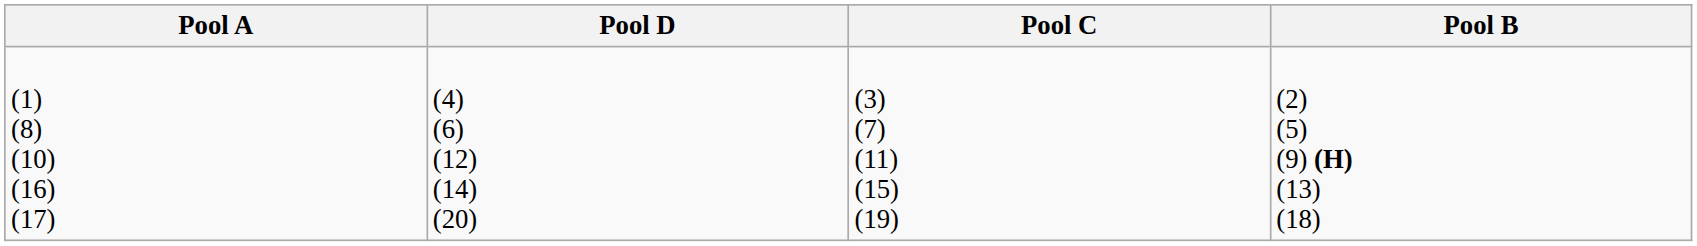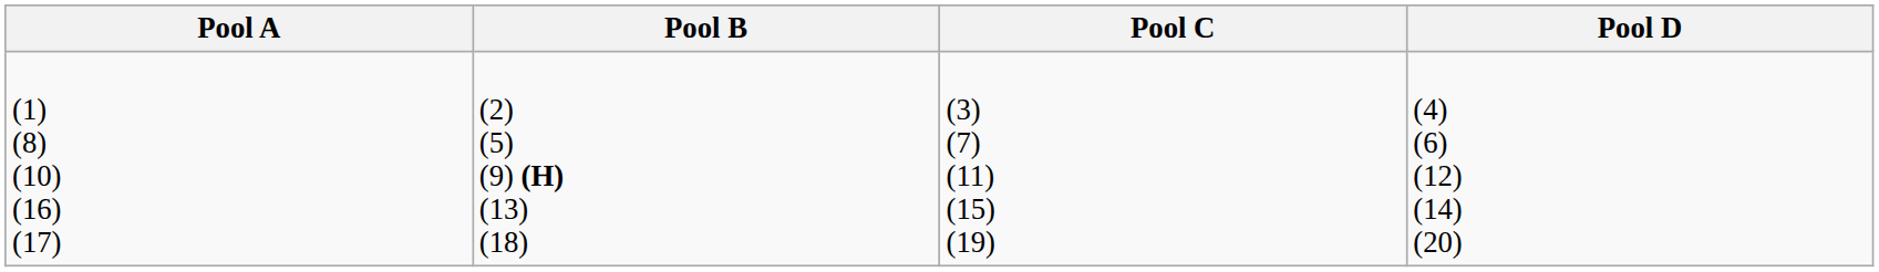 <table class="wikitable" width=80%>
 <tr>
 <th width=25%><strong>Pool A</strong></th>
+<th width=25%><strong>Pool B</strong></th>
+<th width=25%><strong>Pool C</strong></th>
 <th width=25%><strong>Pool D</strong></th>
-<th width=25%><strong>Pool C</strong></th>
-<th width=25%><strong>Pool B</strong></th>
 </tr>
 <tr>
 <td><br> (1) <br>  (8) <br>  (10) <br>  (16) <br>  (17) <br></td>
+<td><br> (2) <br>  (5)<br>   (9) <strong>(H)</strong><br>   (13) <br>  (18) <br></td>
+<td><br> (3) <br>   (7) <br>   (11) <br>   (15) <br>  (19) <br></td>
 <td><br> (4) <br>  (6) <br>  (12) <br>  (14) <br>  (20) <br></td>
-<td><br> (3) <br>   (7) <br>   (11) <br>   (15) <br>  (19) <br></td>
-<td><br> (2) <br>  (5)<br>   (9) <strong>(H)</strong><br>   (13) <br>  (18) <br></td>
 </tr>
 </table>
